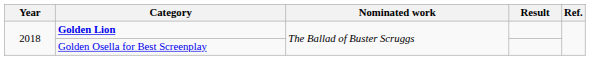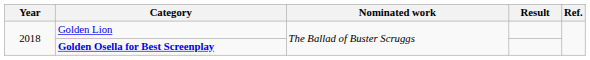 <table class="wikitable unsortable">
 <tr>
 <th scope="col" style="width:5em;">Year</th>
 <th scope="col" style="width:26em;">Category</th>
 <th scope="col" style="width:25em;">Nominated work</th>
 <th scope="col" style="width:5em;">Result</th>
 <th class=unsortable>Ref.</th>
 </tr>
 <tr>
 <td style="text-align:center;", rowspan=2>2018</td>
-<td><strong><a href='#'>Golden Lion</a></strong></td>
+<td><a href='#'>Golden Lion</a></td>
 <td rowspan=2><em>The Ballad of Buster Scruggs</em></td>
 <td></td>
 <td rowspan=2></td>
 </tr>
 <tr>
-<td><a href='#'>Golden Osella for Best Screenplay</a></td>
+<td><strong><a href='#'>Golden Osella for Best Screenplay</a></strong></td>
 <td></td>
 </tr>
 </table>
